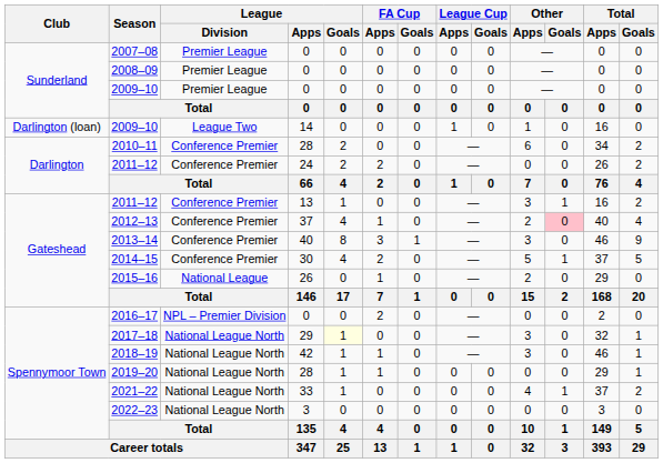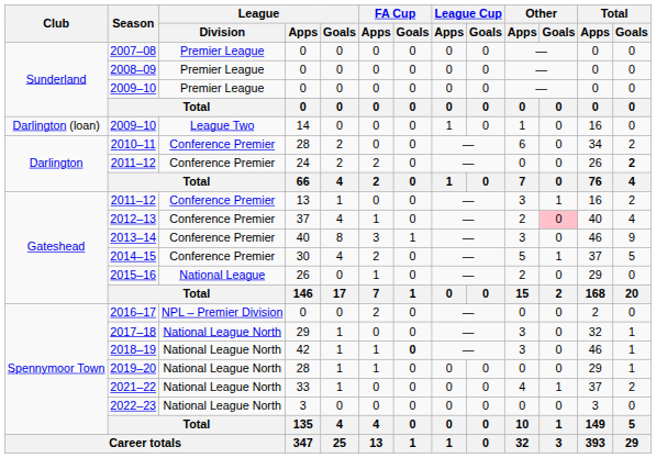 <table class="wikitable" style="text-align: center">
 <tr>
 <th rowspan="2">Club</th>
 <th rowspan="2">Season</th>
 <th colspan="3">League</th>
 <th colspan="2"><a href='#'>FA Cup</a></th>
 <th colspan="2"><a href='#'>League Cup</a></th>
 <th colspan="2">Other</th>
 <th colspan="2">Total</th>
 </tr>
 <tr>
 <th>Division</th>
 <th>Apps</th>
 <th>Goals</th>
 <th>Apps</th>
 <th>Goals</th>
 <th>Apps</th>
 <th>Goals</th>
 <th>Apps</th>
 <th>Goals</th>
 <th>Apps</th>
 <th>Goals</th>
 </tr>
 <tr>
 <td rowspan="4"><a href='#'>Sunderland</a></td>
 <td><a href='#'>2007–08</a></td>
 <td><a href='#'>Premier League</a></td>
 <td>0</td>
 <td>0</td>
 <td>0</td>
 <td>0</td>
 <td>0</td>
 <td>0</td>
 <td colspan="2">—</td>
 <td>0</td>
 <td>0</td>
 </tr>
 <tr>
 <td><a href='#'>2008–09</a></td>
 <td>Premier League</td>
 <td>0</td>
 <td>0</td>
 <td>0</td>
 <td>0</td>
 <td>0</td>
 <td>0</td>
 <td colspan="2">—</td>
 <td>0</td>
 <td>0</td>
 </tr>
 <tr>
 <td><a href='#'>2009–10</a></td>
 <td>Premier League</td>
 <td>0</td>
 <td>0</td>
 <td>0</td>
 <td>0</td>
 <td>0</td>
 <td>0</td>
 <td colspan="2">—</td>
 <td>0</td>
 <td>0</td>
 </tr>
 <tr>
 <th colspan="2">Total</th>
 <th>0</th>
 <th>0</th>
 <th>0</th>
 <th>0</th>
 <th>0</th>
 <th>0</th>
 <th>0</th>
 <th>0</th>
 <th>0</th>
 <th>0</th>
 </tr>
 <tr>
 <td><a href='#'>Darlington</a> (loan)</td>
 <td><a href='#'>2009–10</a></td>
 <td><a href='#'>League Two</a></td>
 <td>14</td>
 <td>0</td>
 <td>0</td>
 <td>0</td>
 <td>1</td>
 <td>0</td>
 <td>1</td>
 <td>0</td>
 <td>16</td>
 <td>0</td>
 </tr>
 <tr>
 <td rowspan="3"><a href='#'>Darlington</a></td>
 <td><a href='#'>2010–11</a></td>
 <td><a href='#'>Conference Premier</a></td>
 <td>28</td>
 <td>2</td>
 <td>0</td>
 <td>0</td>
 <td colspan="2">—</td>
 <td>6</td>
 <td>0</td>
 <td>34</td>
 <td>2</td>
 </tr>
 <tr>
 <td><a href='#'>2011–12</a></td>
 <td>Conference Premier</td>
 <td>24</td>
 <td>2</td>
 <td>2</td>
 <td>0</td>
 <td colspan="2">—</td>
 <td>0</td>
 <td>0</td>
 <td>26</td>
-<td>2</td>
+<td><strong>2</strong></td>
 </tr>
 <tr>
 <th colspan="2">Total</th>
 <th>66</th>
 <th>4</th>
 <th>2</th>
 <th>0</th>
 <th>1</th>
 <th>0</th>
 <th>7</th>
 <th>0</th>
 <th>76</th>
 <th>4</th>
 </tr>
 <tr>
 <td rowspan="6"><a href='#'>Gateshead</a></td>
 <td><a href='#'>2011–12</a></td>
 <td><a href='#'>Conference Premier</a></td>
 <td>13</td>
 <td>1</td>
 <td>0</td>
 <td>0</td>
 <td colspan="2">—</td>
 <td>3</td>
 <td>1</td>
 <td>16</td>
 <td>2</td>
 </tr>
 <tr>
 <td><a href='#'>2012–13</a></td>
 <td>Conference Premier</td>
 <td>37</td>
 <td>4</td>
 <td>1</td>
 <td>0</td>
 <td colspan="2">—</td>
 <td>2</td>
 <td style="background: pink;">0</td>
 <td>40</td>
 <td>4</td>
 </tr>
 <tr>
 <td><a href='#'>2013–14</a></td>
 <td>Conference Premier</td>
 <td>40</td>
 <td>8</td>
 <td>3</td>
 <td>1</td>
 <td colspan="2">—</td>
 <td>3</td>
 <td>0</td>
 <td>46</td>
 <td>9</td>
 </tr>
 <tr>
 <td><a href='#'>2014–15</a></td>
 <td>Conference Premier</td>
 <td>30</td>
 <td>4</td>
 <td>2</td>
 <td>0</td>
 <td colspan="2">—</td>
 <td>5</td>
 <td>1</td>
 <td>37</td>
 <td>5</td>
 </tr>
 <tr>
 <td><a href='#'>2015–16</a></td>
 <td><a href='#'>National League</a></td>
 <td>26</td>
 <td>0</td>
 <td>1</td>
 <td>0</td>
 <td colspan="2">—</td>
 <td>2</td>
 <td>0</td>
 <td>29</td>
 <td>0</td>
 </tr>
 <tr>
 <th colspan="2">Total</th>
 <th>146</th>
 <th>17</th>
 <th>7</th>
 <th>1</th>
 <th>0</th>
 <th>0</th>
 <th>15</th>
 <th>2</th>
 <th>168</th>
 <th>20</th>
 </tr>
 <tr>
 <td rowspan="7"><a href='#'>Spennymoor Town</a></td>
 <td><a href='#'>2016–17</a></td>
 <td><a href='#'>NPL – Premier Division</a></td>
 <td>0</td>
 <td>0</td>
 <td>2</td>
 <td>0</td>
 <td colspan="2">—</td>
 <td>0</td>
 <td>0</td>
 <td>2</td>
 <td>0</td>
 </tr>
 <tr>
 <td><a href='#'>2017–18</a></td>
 <td><a href='#'>National League North</a></td>
 <td>29</td>
-<td style="background: lightyellow;">1</td>
+<td>1</td>
 <td>0</td>
 <td>0</td>
 <td colspan="2">—</td>
 <td>3</td>
 <td>0</td>
 <td>32</td>
 <td>1</td>
 </tr>
 <tr>
 <td><a href='#'>2018–19</a></td>
 <td>National League North</td>
 <td>42</td>
 <td>1</td>
 <td>1</td>
-<td>0</td>
+<td><strong>0</strong></td>
 <td colspan="2">—</td>
 <td>3</td>
 <td>0</td>
 <td>46</td>
 <td>1</td>
 </tr>
 <tr>
 <td><a href='#'>2019–20</a></td>
 <td>National League North</td>
 <td>28</td>
 <td>1</td>
 <td>1</td>
 <td>0</td>
 <td>0</td>
 <td>0</td>
 <td>0</td>
 <td>0</td>
 <td>29</td>
 <td>1</td>
 </tr>
 <tr>
 <td><a href='#'>2021–22</a></td>
 <td>National League North</td>
 <td>33</td>
 <td>1</td>
 <td>0</td>
 <td>0</td>
 <td>0</td>
 <td>0</td>
 <td>4</td>
 <td>1</td>
 <td>37</td>
 <td>2</td>
 </tr>
 <tr>
 <td><a href='#'>2022–23</a></td>
 <td>National League North</td>
 <td>3</td>
 <td>0</td>
 <td>0</td>
 <td>0</td>
 <td>0</td>
 <td>0</td>
 <td>0</td>
 <td>0</td>
 <td>3</td>
 <td>0</td>
 </tr>
 <tr>
 <th colspan="2">Total</th>
 <th>135</th>
 <th>4</th>
 <th>4</th>
 <th>0</th>
 <th>0</th>
 <th>0</th>
 <th>10</th>
 <th>1</th>
 <th>149</th>
 <th>5</th>
 </tr>
 <tr>
 <th colspan="3">Career totals</th>
 <th>347</th>
 <th>25</th>
 <th>13</th>
 <th>1</th>
 <th>1</th>
 <th>0</th>
 <th>32</th>
 <th>3</th>
 <th>393</th>
 <th>29</th>
 </tr>
 </table>
